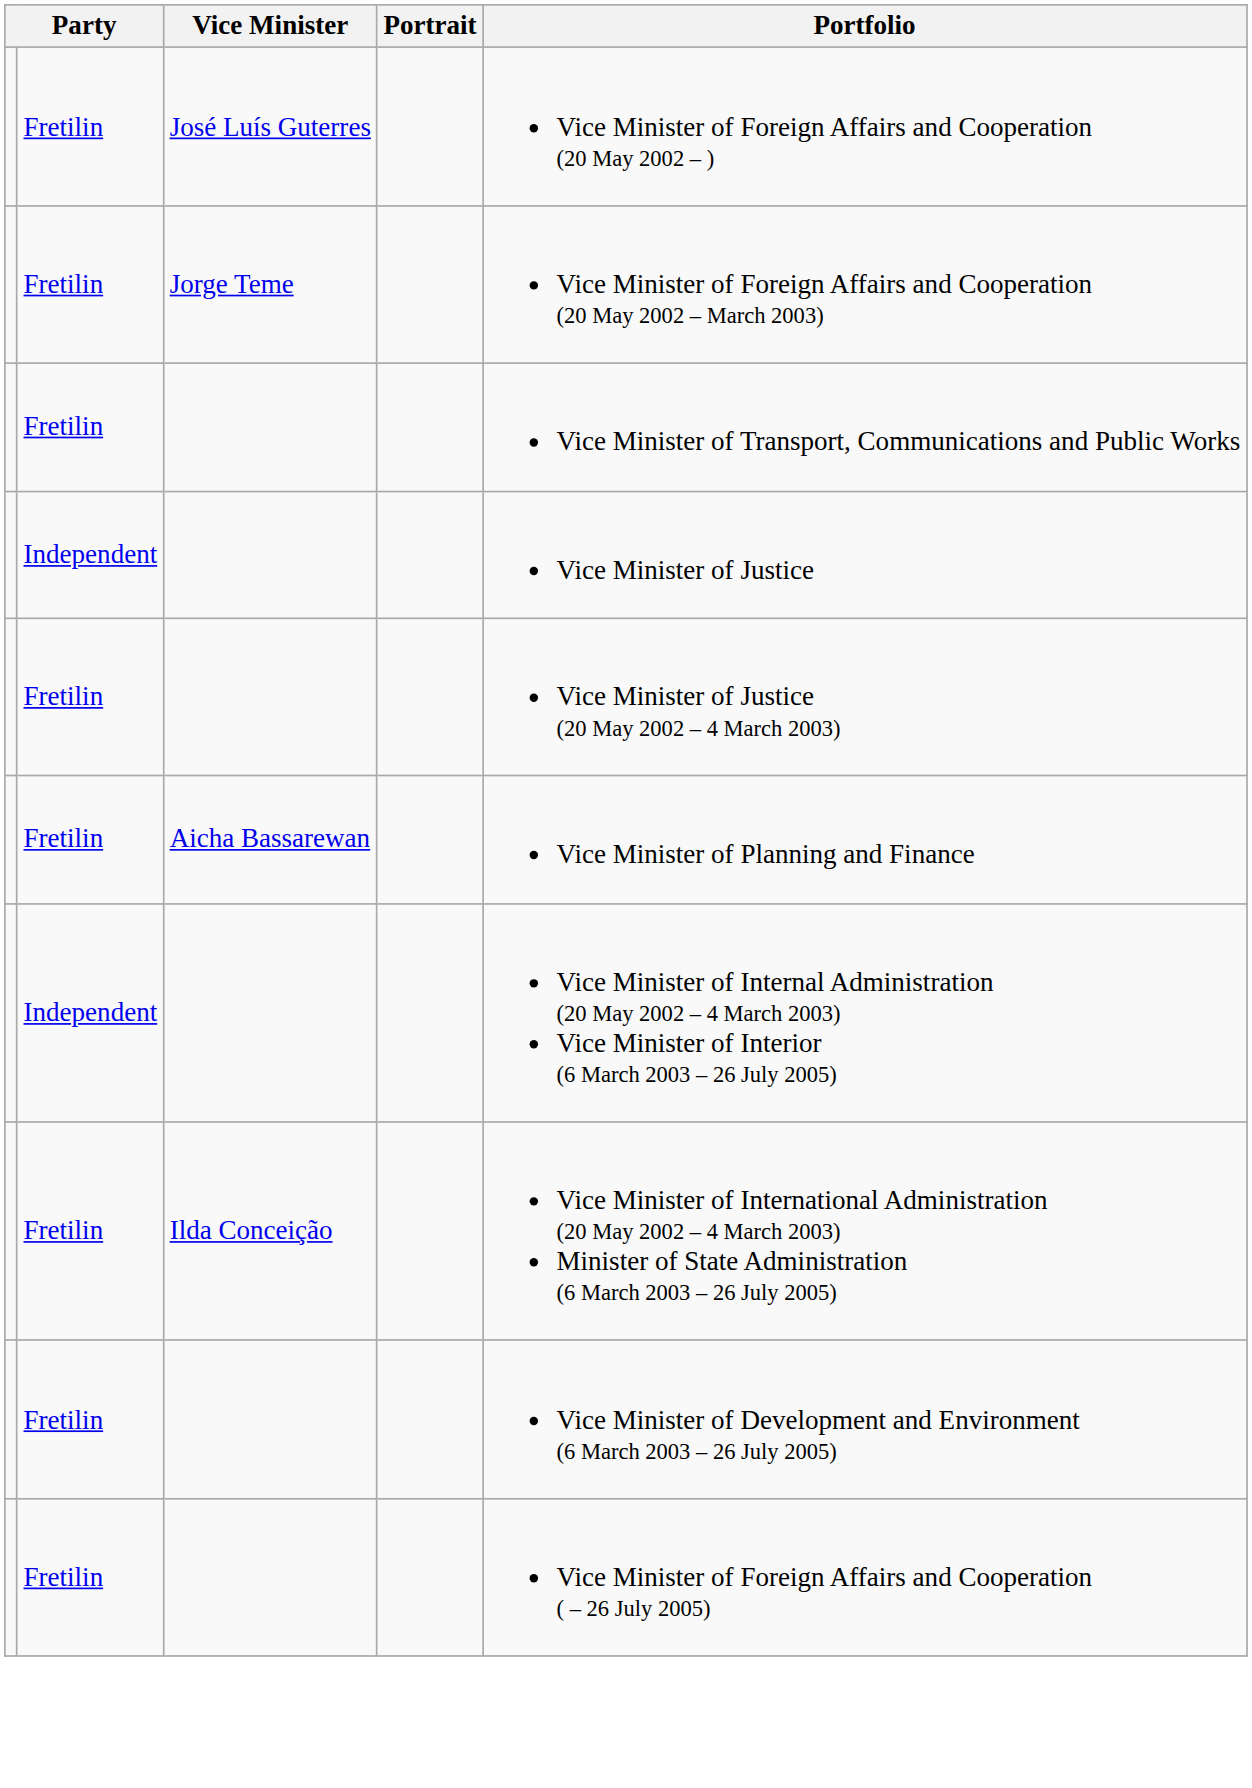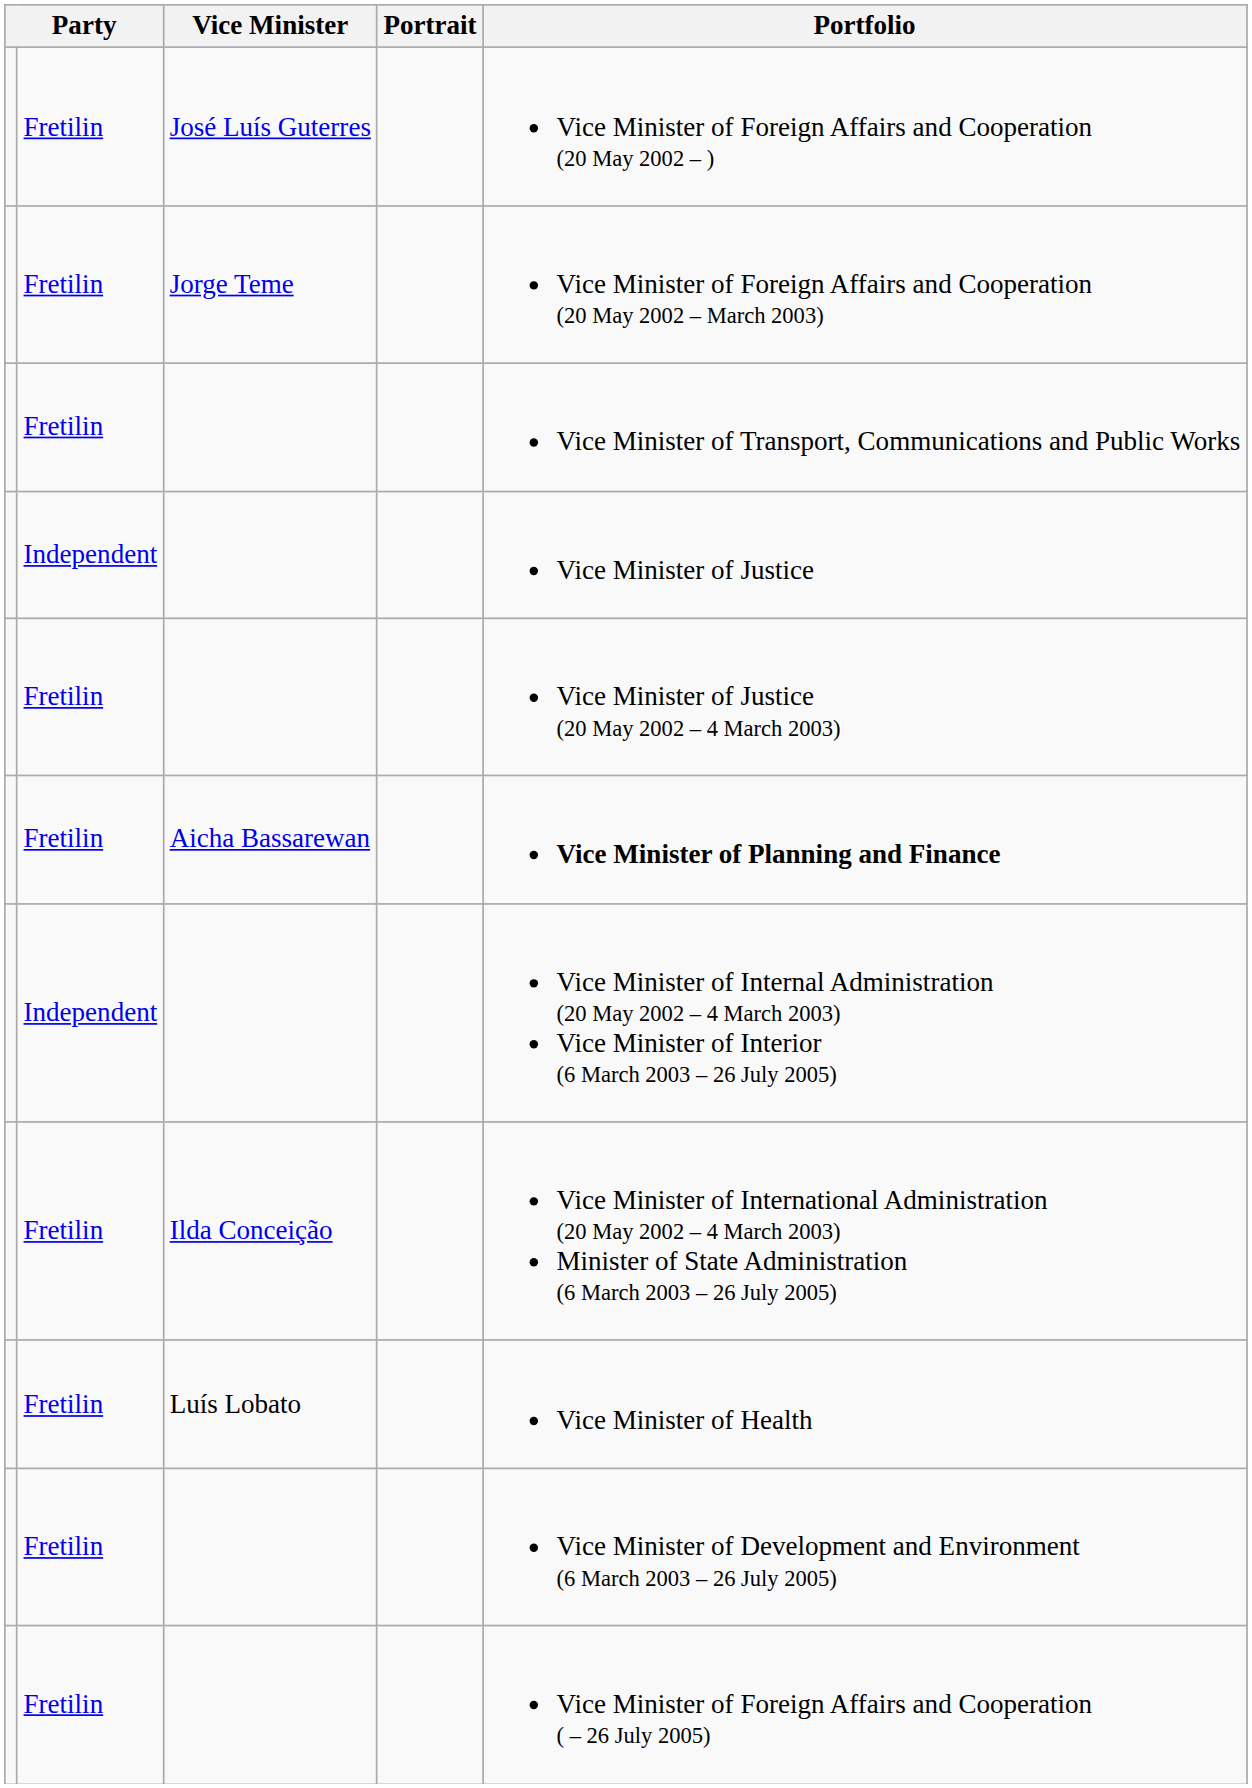 <table class="wikitable sortable">
 <tr>
 <th colspan="2">Party</th>
 <th>Vice Minister</th>
 <th>Portrait</th>
 <th>Portfolio</th>
 </tr>
 <tr>
 <td style="background:"></td>
 <td><a href='#'>Fretilin</a></td>
 <td><a href='#'>José Luís Guterres</a></td>
 <td></td>
 <td><br><ul><li>Vice Minister of Foreign Affairs and Cooperation<br><small>(20 May 2002 – )</small></li></ul></td>
 </tr>
 <tr>
 <td style="background:"></td>
 <td><a href='#'>Fretilin</a></td>
 <td><a href='#'>Jorge Teme</a></td>
 <td></td>
 <td><br><ul><li>Vice Minister of Foreign Affairs and Cooperation<br><small>(20 May 2002 – March 2003)</small></li></ul></td>
 </tr>
 <tr>
 <td style="background:"></td>
 <td><a href='#'>Fretilin</a></td>
 <td></td>
 <td></td>
 <td><br><ul><li>Vice Minister of Transport, Communications and Public Works</li></ul></td>
 </tr>
 <tr>
 <td style="background:"></td>
 <td><a href='#'>Independent</a></td>
 <td></td>
 <td></td>
 <td><br><ul><li>Vice Minister of Justice</li></ul></td>
 </tr>
 <tr>
 <td style="background:"></td>
 <td><a href='#'>Fretilin</a></td>
 <td></td>
 <td></td>
 <td><br><ul><li>Vice Minister of Justice<br><small>(20 May 2002 – 4 March 2003)</small></li></ul></td>
 </tr>
 <tr>
 <td style="background:"></td>
 <td><a href='#'>Fretilin</a></td>
 <td><a href='#'>Aicha Bassarewan</a></td>
 <td></td>
-<td><br><ul><li>Vice Minister of Planning and Finance</li></ul></td>
+<td><strong><br><ul><li>Vice Minister of Planning and Finance</li></ul></strong></td>
 </tr>
 <tr>
 <td style="background:"></td>
 <td><a href='#'>Independent</a></td>
 <td></td>
 <td></td>
 <td><br><ul><li>Vice Minister of Internal Administration<br><small>(20 May 2002 – 4 March 2003)</small></li><li>Vice Minister of Interior<br><small>(6 March 2003 – 26 July 2005)</small></li></ul></td>
 </tr>
 <tr>
 <td style="background:"></td>
 <td><a href='#'>Fretilin</a></td>
 <td><a href='#'>Ilda Conceição</a></td>
 <td></td>
 <td><br><ul><li>Vice Minister of International Administration<br><small>(20 May 2002 – 4 March 2003)</small></li><li>Minister of State Administration<br><small>(6 March 2003 – 26 July 2005)</small></li></ul></td>
 </tr>
 <tr>
 <td style="background:"></td>
 <td><a href='#'>Fretilin</a></td>
+<td>Luís Lobato</td>
+<td></td>
+<td><br><ul><li>Vice Minister of Health</li></ul></td>
+</tr>
+<tr>
+<td style="background:"></td>
+<td><a href='#'>Fretilin</a></td>
 <td></td>
 <td></td>
 <td><br><ul><li>Vice Minister of Development and Environment<br><small>(6 March 2003 – 26 July 2005)</small></li></ul></td>
 </tr>
 <tr>
 <td style="background:"></td>
 <td><a href='#'>Fretilin</a></td>
 <td></td>
 <td></td>
 <td><br><ul><li>Vice Minister of Foreign Affairs and Cooperation<br><small>( – 26 July 2005)</small></li></ul></td>
 </tr>
 </table>
